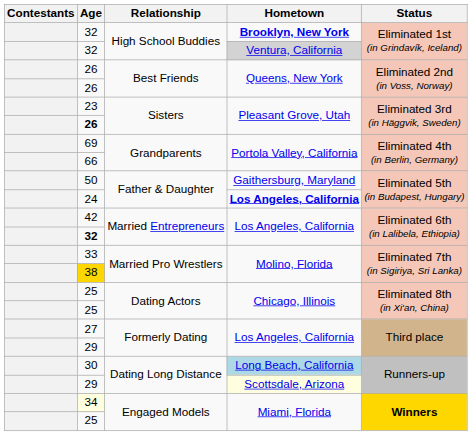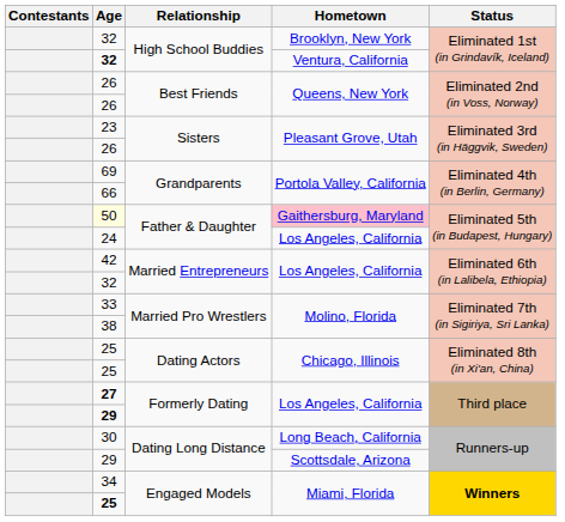 <table class="wikitable sortable" style="text-align:center;">
 <tr>
 <th scope="col">Contestants</th>
 <th scope="col">Age</th>
 <th scope="col" class="unsortable">Relationship</th>
 <th class="unsortable" scope="col">Hometown</th>
 <th scope="col">Status</th>
 </tr>
 <tr>
 <th scope="row"></th>
 <td>32</td>
 <td rowspan="2">High School Buddies</td>
-<td><strong><a href='#'>Brooklyn, New York</a></strong></td>
+<td><a href='#'>Brooklyn, New York</a></td>
 <td rowspan="2" bgcolor="f4c7b8">Eliminated 1st<br><small><em>(in Grindavík, Iceland)</em></small></td>
 </tr>
 <tr>
 <th scope="row"></th>
-<td>32</td>
-<td style="background: lightgrey;"><a href='#'>Ventura, California</a></td>
+<td><strong>32</strong></td>
+<td><a href='#'>Ventura, California</a></td>
 </tr>
 <tr>
 <th scope="row"></th>
 <td>26</td>
 <td rowspan="2">Best Friends</td>
 <td rowspan="2"><a href='#'>Queens, New York</a></td>
 <td rowspan="2" bgcolor="f4c7b8">Eliminated 2nd<br><small><em>(in Voss, Norway)</em></small></td>
 </tr>
 <tr>
 <th scope="row"></th>
 <td>26</td>
 </tr>
 <tr>
 <th scope="row"></th>
 <td>23</td>
 <td rowspan="2">Sisters</td>
 <td rowspan="2"><a href='#'>Pleasant Grove, Utah</a></td>
 <td rowspan="2" bgcolor="f4c7b8">Eliminated 3rd<br><small><em>(in Häggvik, Sweden)</em></small></td>
 </tr>
 <tr>
 <th scope="row"></th>
-<td><strong>26</strong></td>
+<td>26</td>
 </tr>
 <tr>
 <th scope="row"></th>
 <td>69</td>
 <td rowspan="2">Grandparents</td>
 <td rowspan="2"><a href='#'>Portola Valley, California</a></td>
 <td rowspan="2" bgcolor="f4c7b8">Eliminated 4th<br><small><em>(in Berlin, Germany)</em></small></td>
 </tr>
 <tr>
 <th scope="row"></th>
 <td>66</td>
 </tr>
 <tr>
 <th scope="row"></th>
-<td>50</td>
+<td style="background: lightyellow;">50</td>
 <td rowspan="2">Father & Daughter</td>
-<td><a href='#'>Gaithersburg, Maryland</a></td>
+<td style="background: pink;"><a href='#'>Gaithersburg, Maryland</a></td>
 <td rowspan="2" bgcolor="f4c7b8">Eliminated 5th<br><small><em>(in Budapest, Hungary)</em></small></td>
 </tr>
 <tr>
 <th scope="row"></th>
 <td>24</td>
-<td><strong><a href='#'>Los Angeles, California</a></strong></td>
+<td><a href='#'>Los Angeles, California</a></td>
 </tr>
 <tr>
 <th scope="row"></th>
 <td>42</td>
 <td rowspan="2">Married <a href='#'>Entrepreneurs</a></td>
 <td rowspan="2"><a href='#'>Los Angeles, California</a></td>
 <td rowspan="2" bgcolor="f4c7b8">Eliminated 6th<br><small><em>(in Lalibela, Ethiopia)</em></small></td>
 </tr>
 <tr>
 <th scope="row"></th>
-<td><strong>32</strong></td>
+<td>32</td>
 </tr>
 <tr>
 <th scope="row"></th>
 <td>33</td>
 <td rowspan="2">Married Pro Wrestlers</td>
 <td rowspan="2"><a href='#'>Molino, Florida</a></td>
 <td rowspan="2" bgcolor="f4c7b8">Eliminated 7th<br><small><em>(in Sigiriya, Sri Lanka)</em></small></td>
 </tr>
 <tr>
 <th scope="row"></th>
-<td style="background: gold;">38</td>
+<td>38</td>
 </tr>
 <tr>
 <th scope="row"></th>
 <td>25</td>
 <td rowspan="2">Dating Actors</td>
 <td rowspan="2"><a href='#'>Chicago, Illinois</a></td>
 <td rowspan="2" bgcolor="f4c7b8">Eliminated 8th<br><small><em>(in Xi'an, China)</em></small></td>
 </tr>
 <tr>
 <th scope="row"></th>
 <td>25</td>
 </tr>
 <tr>
 <th scope="row"></th>
-<td>27</td>
+<td><strong>27</strong></td>
 <td rowspan="2">Formerly Dating</td>
 <td rowspan="2"><a href='#'>Los Angeles, California</a></td>
 <td rowspan="2" bgcolor="tan">Third place</td>
 </tr>
 <tr>
 <th scope="row"></th>
-<td>29</td>
+<td><strong>29</strong></td>
 </tr>
 <tr>
 <th scope="row"></th>
 <td>30</td>
 <td rowspan="2">Dating Long Distance</td>
-<td style="background: lightblue;"><a href='#'>Long Beach, California</a></td>
+<td><a href='#'>Long Beach, California</a></td>
 <td rowspan="2" bgcolor="silver">Runners-up</td>
 </tr>
 <tr>
 <th scope="row"></th>
 <td>29</td>
-<td style="background: lightyellow;"><a href='#'>Scottsdale, Arizona</a></td>
+<td><a href='#'>Scottsdale, Arizona</a></td>
 </tr>
 <tr>
 <th scope="row"></th>
-<td style="background: lightyellow;">34</td>
+<td>34</td>
 <td rowspan="2">Engaged Models</td>
 <td rowspan="2"><a href='#'>Miami, Florida</a></td>
 <td rowspan="2" bgcolor="gold"><strong>Winners</strong></td>
 </tr>
 <tr>
 <th scope="row"></th>
-<td>25</td>
+<td><strong>25</strong></td>
 </tr>
 </table>
